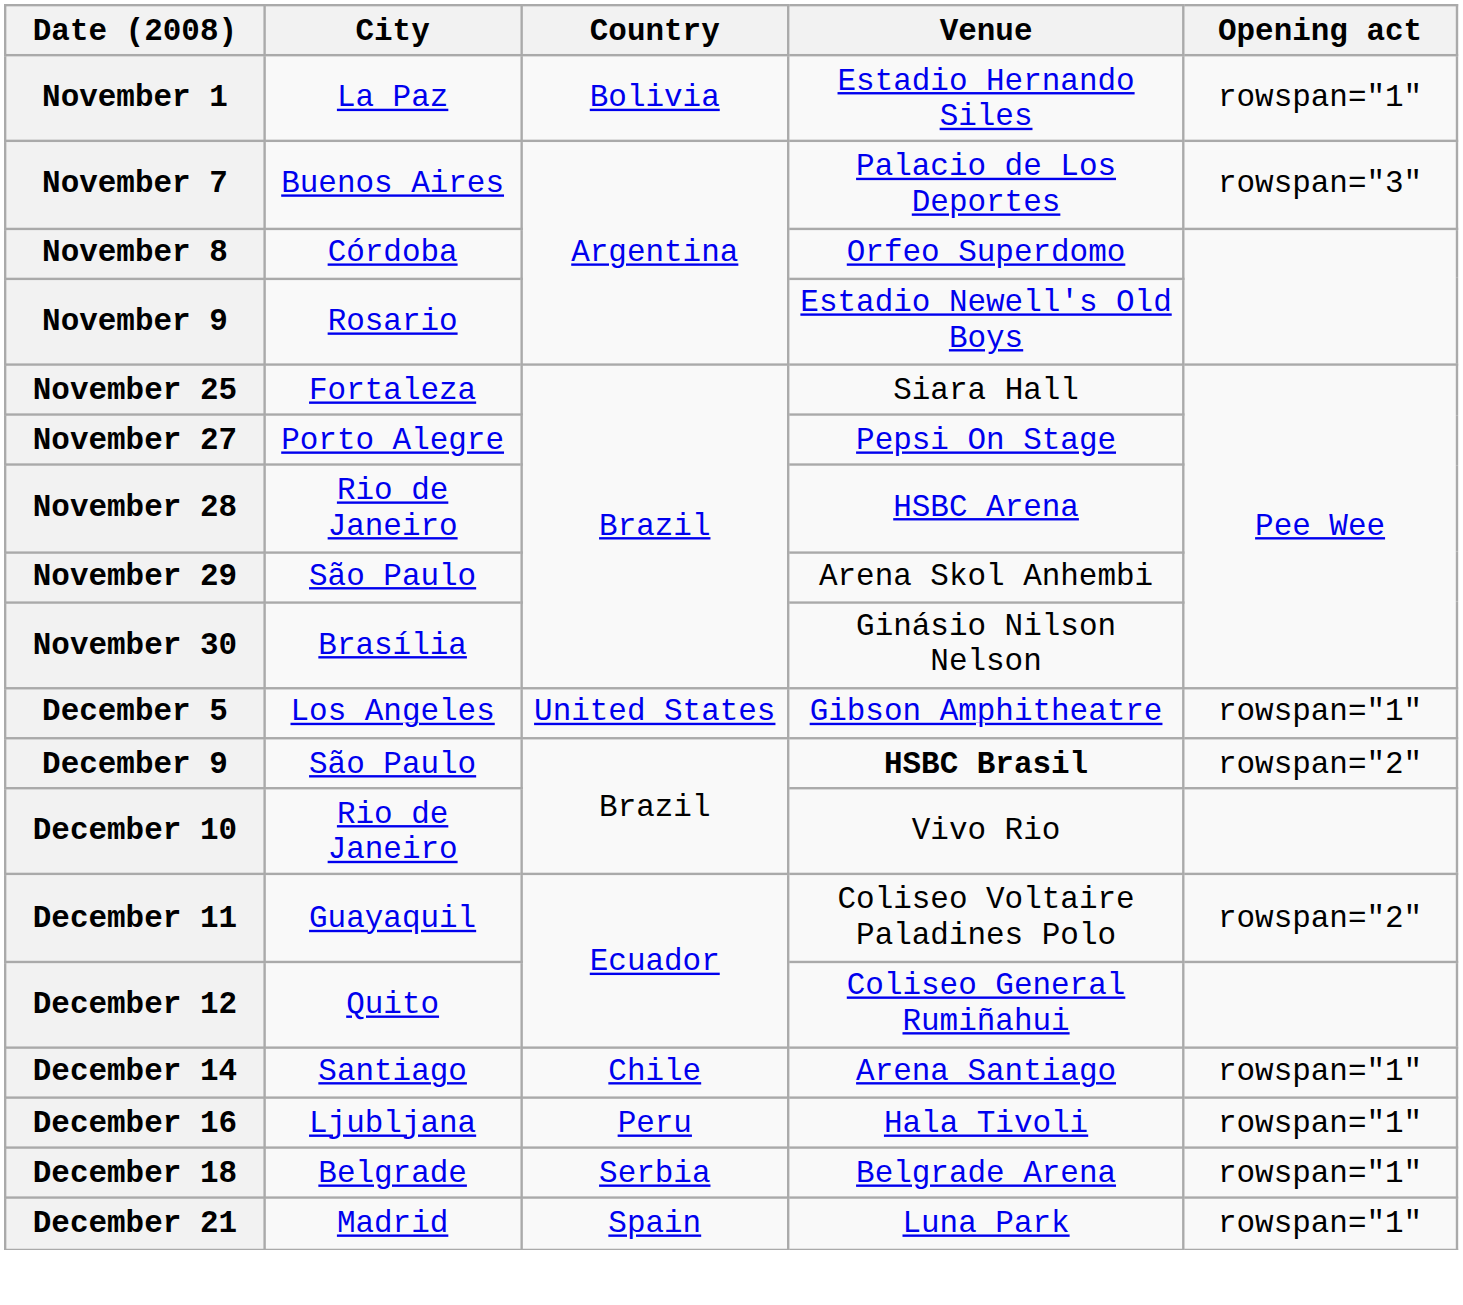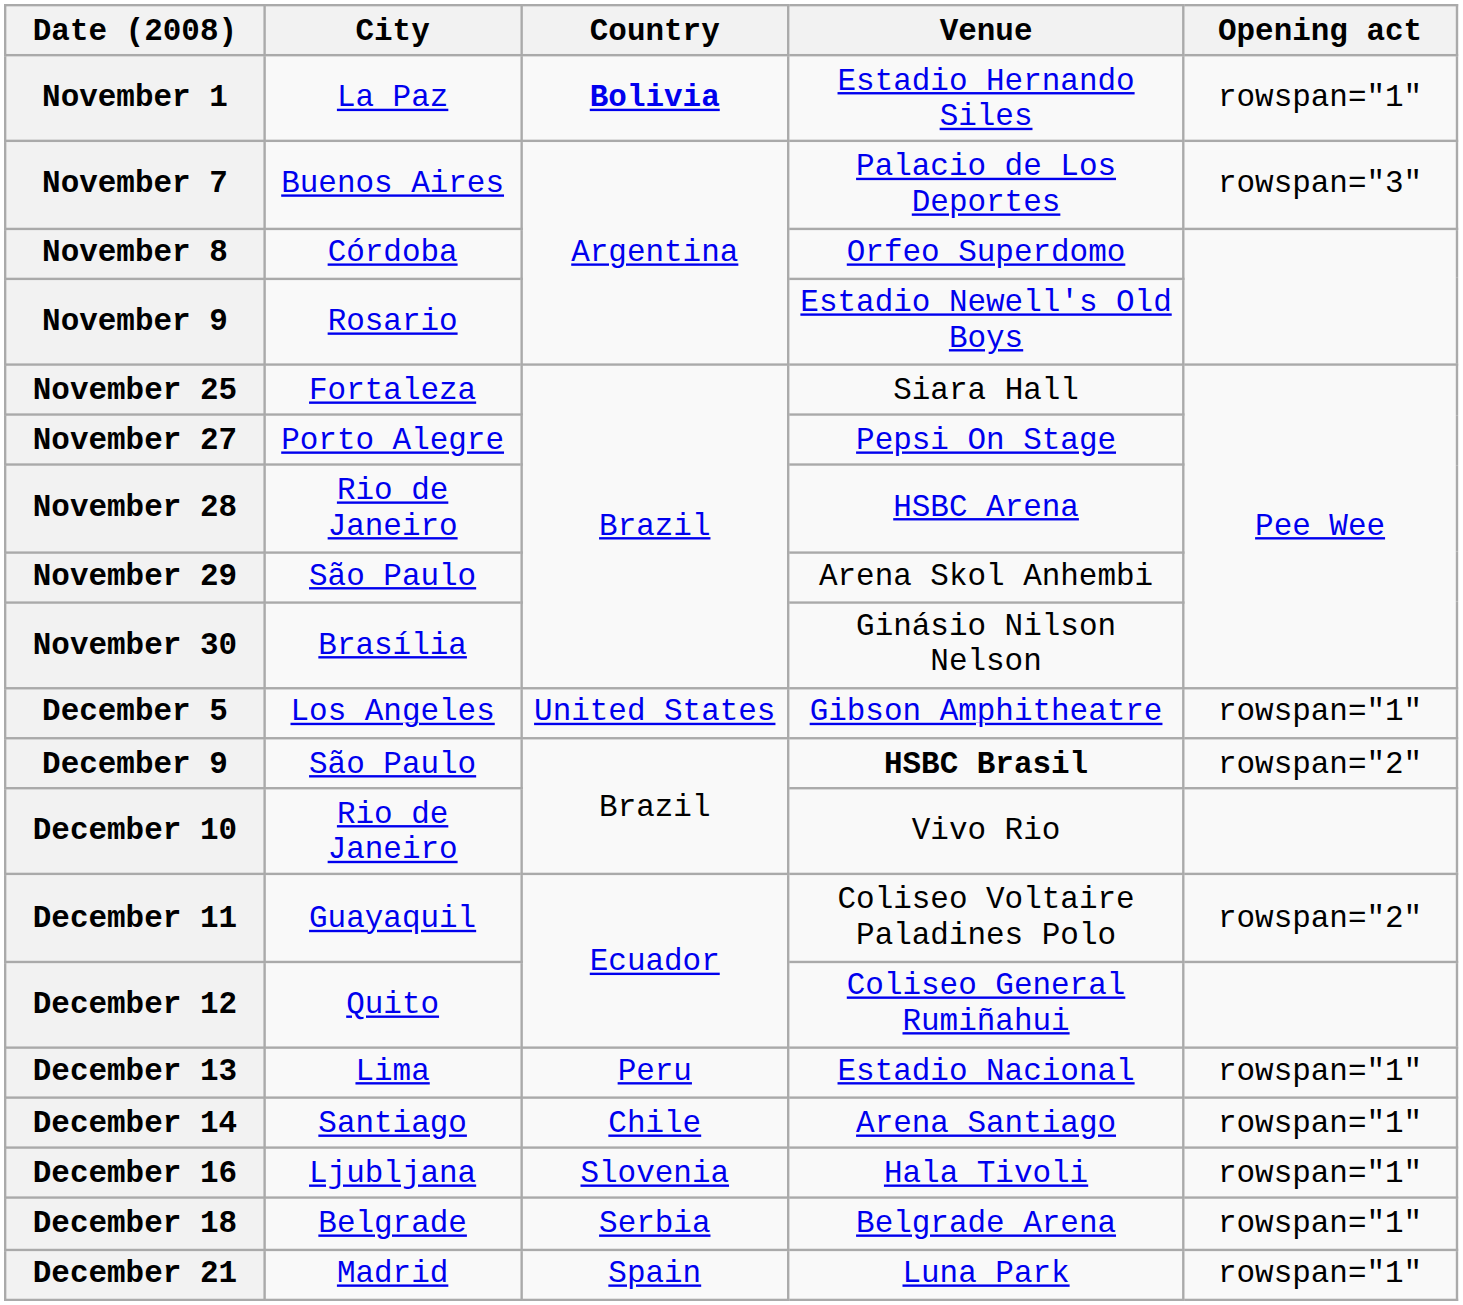 <table class="wikitable plainrowheaders" style="text-align:center;">
 <tr>
 <th width="140">Date (2008)</th>
 <th width="130">City</th>
 <th width="140">Country</th>
 <th width="220">Venue</th>
 <th scope="col" style="width:10em;">Opening act</th>
 </tr>
 <tr>
 <th scope="row" style="text-align:center;">November 1</th>
 <td align="center"><a href='#'>La Paz</a></td>
-<td align="center"><a href='#'>Bolivia</a></td>
+<td align="center"><strong><a href='#'>Bolivia</a></strong></td>
 <td align="center"><a href='#'>Estadio Hernando Siles</a></td>
 <td>rowspan="1" </td>
 </tr>
 <tr>
 <th scope="row" style="text-align:center;">November 7</th>
 <td align="center"><a href='#'>Buenos Aires</a></td>
 <td align="center" rowspan="3"><a href='#'>Argentina</a></td>
 <td align="center"><a href='#'>Palacio de Los Deportes</a></td>
 <td>rowspan="3" </td>
 </tr>
 <tr>
 <th scope="row" style="text-align:center;">November 8</th>
 <td align="center"><a href='#'>Córdoba</a></td>
 <td align="center"><a href='#'>Orfeo Superdomo</a></td>
 </tr>
 <tr>
 <th scope="row" style="text-align:center;">November 9</th>
 <td align="center"><a href='#'>Rosario</a></td>
 <td align="center"><a href='#'>Estadio Newell's Old Boys</a></td>
 </tr>
 <tr>
 <th scope="row" style="text-align:center;">November 25</th>
 <td align="center"><a href='#'>Fortaleza</a></td>
 <td align="center" rowspan="5"><a href='#'>Brazil</a></td>
 <td align="center">Siara Hall</td>
 <td align="center" rowspan="5"><a href='#'>Pee Wee</a></td>
 </tr>
 <tr>
 <th scope="row" style="text-align:center;">November 27</th>
 <td align="center"><a href='#'>Porto Alegre</a></td>
 <td align="center"><a href='#'>Pepsi On Stage</a></td>
 </tr>
 <tr>
 <th scope="row" style="text-align:center;">November 28</th>
 <td align="center"><a href='#'>Rio de Janeiro</a></td>
 <td align="center"><a href='#'>HSBC Arena</a></td>
 </tr>
 <tr>
 <th scope="row" style="text-align:center;">November 29</th>
 <td align="center"><a href='#'>São Paulo</a></td>
 <td align="center">Arena Skol Anhembi</td>
 </tr>
 <tr>
 <th scope="row" style="text-align:center;">November 30</th>
 <td align="center"><a href='#'>Brasília</a></td>
 <td align="center">Ginásio Nilson Nelson</td>
 </tr>
 <tr>
 <th scope="row" style="text-align:center;">December 5</th>
 <td align="center"><a href='#'>Los Angeles</a></td>
 <td align="center"><a href='#'>United States</a></td>
 <td align="center"><a href='#'>Gibson Amphitheatre</a></td>
 <td>rowspan="1" </td>
 </tr>
 <tr>
 <th scope="row" style="text-align:center;">December 9</th>
 <td align="center"><a href='#'>São Paulo</a></td>
 <td align="center" rowspan="2">Brazil</td>
 <td align="center"><strong>HSBC Brasil</strong></td>
 <td>rowspan="2" </td>
 </tr>
 <tr>
 <th scope="row" style="text-align:center;">December 10</th>
 <td align="center"><a href='#'>Rio de Janeiro</a></td>
 <td align="center">Vivo Rio</td>
 </tr>
 <tr>
 <th scope="row" style="text-align:center;">December 11</th>
 <td align="center"><a href='#'>Guayaquil</a></td>
 <td align="center" rowspan="2"><a href='#'>Ecuador</a></td>
 <td align="center">Coliseo Voltaire Paladines Polo</td>
 <td>rowspan="2" </td>
 </tr>
 <tr>
 <th scope="row" style="text-align:center;">December 12</th>
 <td align="center"><a href='#'>Quito</a></td>
 <td align="center"><a href='#'>Coliseo General Rumiñahui</a></td>
 </tr>
 <tr>
+<th scope="row" style="text-align:center;">December 13</th>
+<td align="center"><a href='#'>Lima</a></td>
+<td align="center"><a href='#'>Peru</a></td>
+<td align="center"><a href='#'>Estadio Nacional</a></td>
+<td>rowspan="1" </td>
+</tr>
+<tr>
 <th scope="row" style="text-align:center;">December 14</th>
 <td align="center"><a href='#'>Santiago</a></td>
 <td align="center"><a href='#'>Chile</a></td>
 <td align="center"><a href='#'>Arena Santiago</a></td>
 <td>rowspan="1" </td>
 </tr>
 <tr>
 <th scope="row" style="text-align:center;">December 16</th>
 <td align="center"><a href='#'>Ljubljana</a></td>
-<td align="center"><a href='#'>Peru</a></td>
+<td align="center"><a href='#'>Slovenia</a></td>
 <td align="center"><a href='#'>Hala Tivoli</a></td>
 <td>rowspan="1" </td>
 </tr>
 <tr>
 <th scope="row" style="text-align:center;">December 18</th>
 <td align="center"><a href='#'>Belgrade</a></td>
 <td align="center"><a href='#'>Serbia</a></td>
 <td align="center"><a href='#'>Belgrade Arena</a></td>
 <td>rowspan="1" </td>
 </tr>
 <tr>
 <th scope="row" style="text-align:center;">December 21</th>
 <td align="center"><a href='#'>Madrid</a></td>
 <td align="center"><a href='#'>Spain</a></td>
 <td align="center"><a href='#'>Luna Park</a></td>
 <td>rowspan="1" </td>
 </tr>
 </table>
